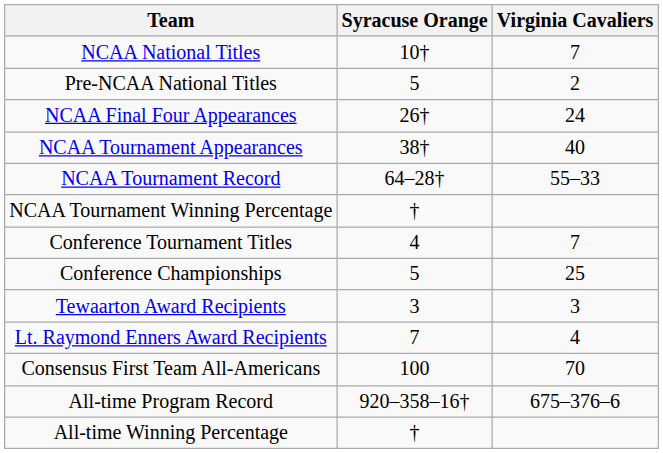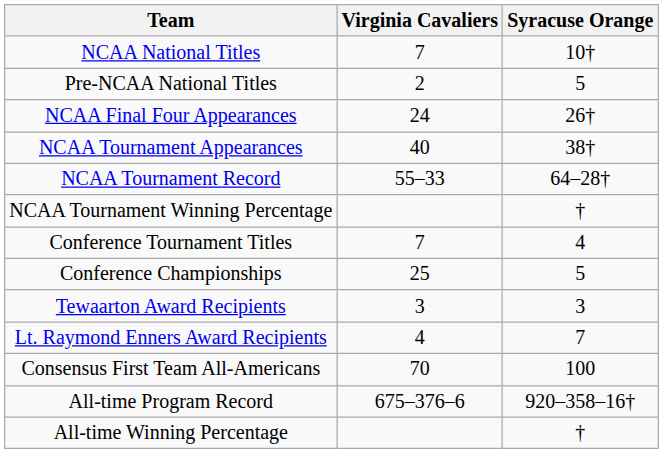 <table class="wikitable" style="text-align:center;">
 <tr>
 <th>Team</th>
+<th>Virginia Cavaliers</th>
 <th>Syracuse Orange</th>
-<th>Virginia Cavaliers</th>
 </tr>
 <tr>
 <td><a href='#'>NCAA National Titles</a></td>
+<td>7</td>
 <td style=>10†</td>
-<td>7</td>
 </tr>
 <tr>
 <td>Pre-NCAA National Titles</td>
+<td>2</td>
 <td style=>5</td>
-<td>2</td>
 </tr>
 <tr>
 <td><a href='#'>NCAA Final Four Appearances</a></td>
+<td>24</td>
 <td>26†</td>
-<td>24</td>
 </tr>
 <tr>
 <td><a href='#'>NCAA Tournament Appearances</a></td>
+<td>40</td>
 <td>38†</td>
-<td>40</td>
 </tr>
 <tr>
 <td><a href='#'>NCAA Tournament Record</a></td>
+<td>55–33</td>
 <td>64–28†</td>
-<td>55–33</td>
 </tr>
 <tr>
 <td>NCAA Tournament Winning Percentage</td>
+<td></td>
 <td>†</td>
-<td></td>
 </tr>
 <tr>
 <td>Conference Tournament Titles</td>
+<td>7</td>
 <td>4</td>
-<td>7</td>
 </tr>
 <tr>
 <td>Conference Championships</td>
+<td>25</td>
 <td>5</td>
-<td>25</td>
 </tr>
 <tr>
 <td><a href='#'>Tewaarton Award Recipients</a></td>
 <td>3</td>
 <td>3</td>
 </tr>
 <tr>
 <td><a href='#'>Lt. Raymond Enners Award Recipients</a></td>
+<td>4</td>
 <td>7</td>
-<td>4</td>
 </tr>
 <tr>
 <td>Consensus First Team All-Americans</td>
+<td>70</td>
 <td>100</td>
-<td>70</td>
 </tr>
 <tr>
 <td>All-time Program Record</td>
+<td>675–376–6</td>
 <td>920–358–16†</td>
-<td>675–376–6</td>
 </tr>
 <tr>
 <td>All-time Winning Percentage</td>
+<td></td>
 <td>†</td>
-<td></td>
 </tr>
 </table>
